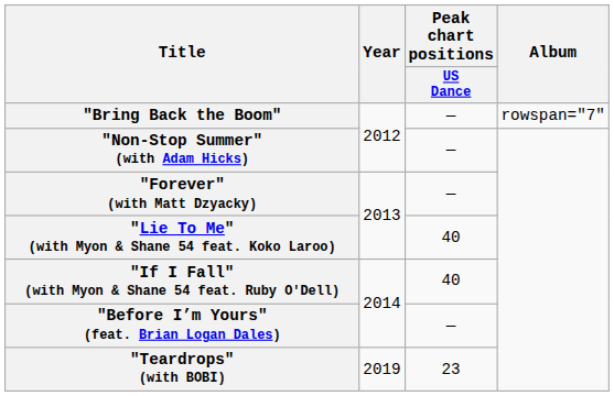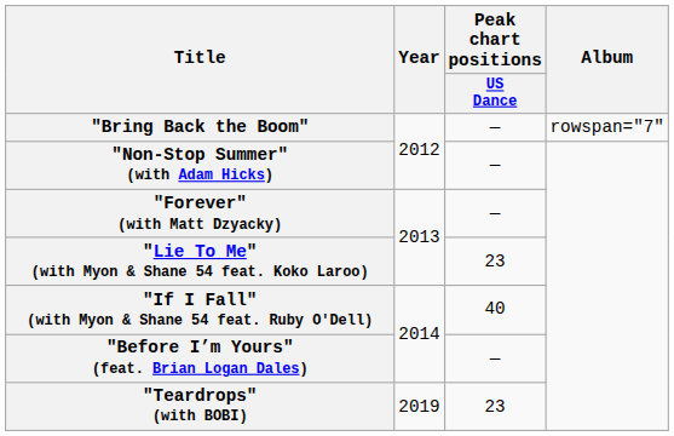 <table class="wikitable plainrowheaders" style="text-align:center;">
 <tr>
 <th scope="col" rowspan="2" style="width:22em;">Title</th>
 <th scope="col" rowspan="2" style="width:1em;">Year</th>
 <th scope="col">Peak chart positions</th>
 <th scope="col" rowspan="2">Album</th>
 </tr>
 <tr>
 <th scope="col" style="width:3em;font-size:85%;"><a href='#'>US<br>Dance</a><br></th>
 </tr>
 <tr>
 <th scope="row">"Bring Back the Boom"</th>
 <td rowspan="2">2012</td>
 <td>—</td>
 <td>rowspan="7" </td>
 </tr>
 <tr>
 <th scope="row">"Non-Stop Summer"<br><small>(with <a href='#'>Adam Hicks</a>)</small></th>
 <td>—</td>
 </tr>
 <tr>
 <th scope="row">"Forever"<br><small>(with Matt Dzyacky)</small></th>
 <td rowspan="2">2013</td>
 <td>—</td>
 </tr>
 <tr>
 <th scope="row">"<a href='#'>Lie To Me</a>"<br><small>(with Myon & Shane 54 feat. Koko Laroo)</small></th>
-<td>40</td>
+<td>23</td>
 </tr>
 <tr>
 <th scope="row">"If I Fall"<br><small>(with Myon & Shane 54 feat. Ruby O'Dell)</small></th>
 <td rowspan="2">2014</td>
 <td>40</td>
 </tr>
 <tr>
 <th scope="row">"Before I’m Yours"<br><small>(feat. <a href='#'>Brian Logan Dales</a>)</small></th>
 <td>—</td>
 </tr>
 <tr>
 <th scope="row">"Teardrops"<br><small>(with BOBI)</small></th>
 <td>2019</td>
 <td>23</td>
 </tr>
 </table>
